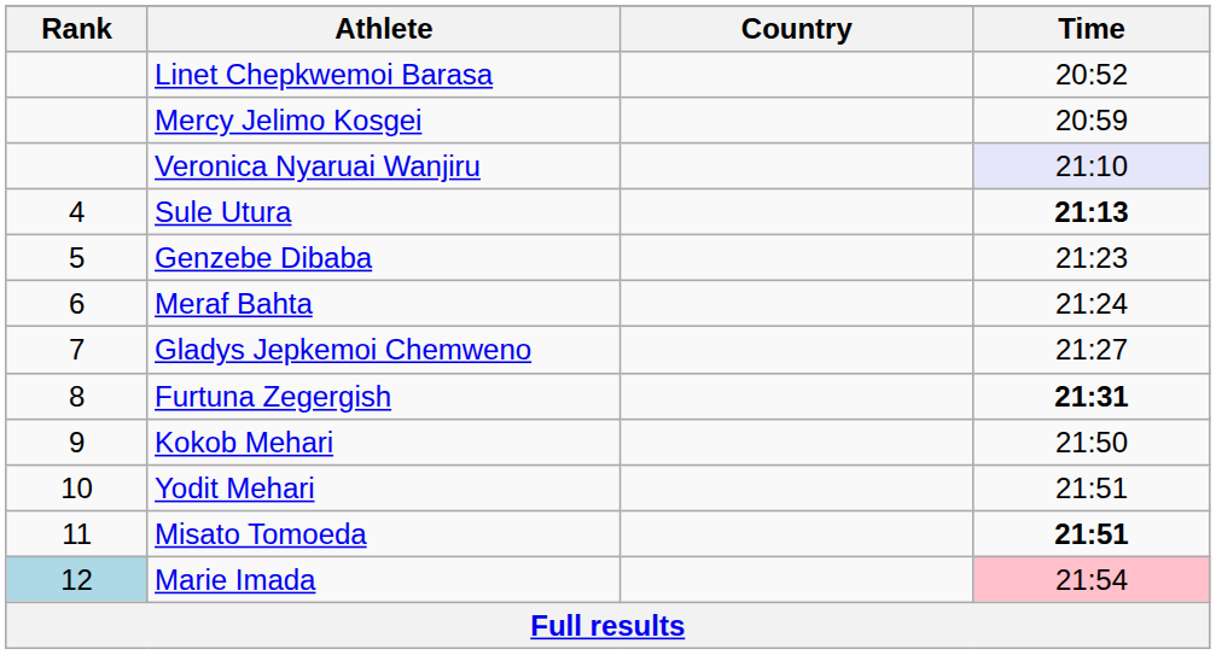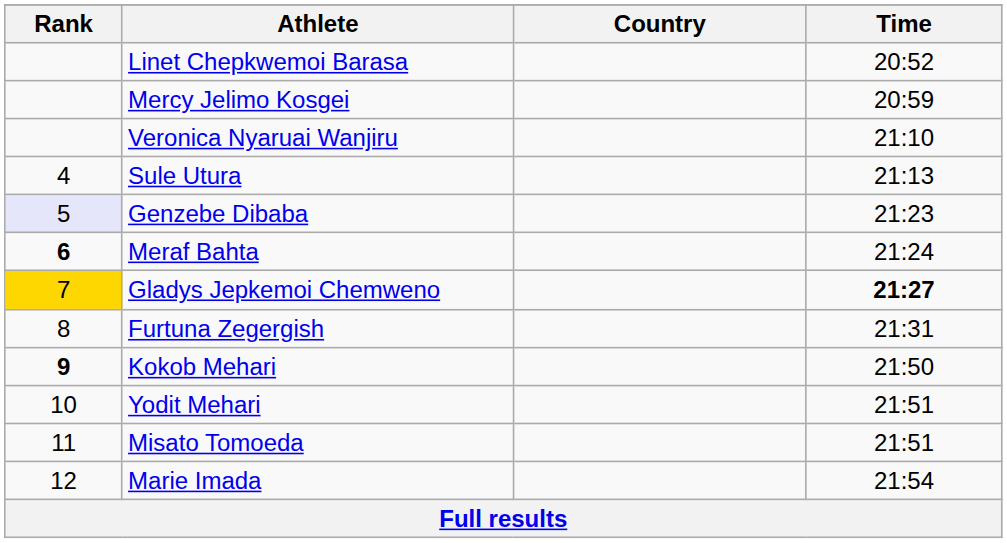 <table class="wikitable sortable" style=" text-align:center; font-size:95%;" width="50%">
 <tr>
 </tr>
 <tr>
 <th width=5%>Rank</th>
 <th width=20%>Athlete</th>
 <th width=15%>Country</th>
 <th width=10%>Time</th>
 </tr>
 <tr>
 <td align=center></td>
 <td align=left><a href='#'>Linet Chepkwemoi Barasa</a></td>
 <td align=left></td>
 <td>20:52</td>
 </tr>
 <tr>
 <td align=center></td>
 <td align=left><a href='#'>Mercy Jelimo Kosgei</a></td>
 <td align=left></td>
 <td>20:59</td>
 </tr>
 <tr>
 <td align=center></td>
 <td align=left><a href='#'>Veronica Nyaruai Wanjiru</a></td>
 <td align=left></td>
-<td style="background: lavender;">21:10</td>
+<td>21:10</td>
 </tr>
 <tr>
 <td align=center>4</td>
 <td align=left><a href='#'>Sule Utura</a></td>
 <td align=left></td>
-<td><strong>21:13</strong></td>
+<td>21:13</td>
 </tr>
 <tr>
-<td align=center>5</td>
+<td align=center style="background: lavender;">5</td>
 <td align=left><a href='#'>Genzebe Dibaba</a></td>
 <td align=left></td>
 <td>21:23</td>
 </tr>
 <tr>
-<td align=center>6</td>
+<td align=center><strong>6</strong></td>
 <td align=left><a href='#'>Meraf Bahta</a></td>
 <td align=left></td>
 <td>21:24</td>
 </tr>
 <tr>
-<td align=center>7</td>
+<td align=center style="background: gold;">7</td>
 <td align=left><a href='#'>Gladys Jepkemoi Chemweno</a></td>
 <td align=left></td>
-<td>21:27</td>
+<td><strong>21:27</strong></td>
 </tr>
 <tr>
 <td align=center>8</td>
 <td align=left><a href='#'>Furtuna Zegergish</a></td>
 <td align=left></td>
-<td><strong>21:31</strong></td>
+<td>21:31</td>
 </tr>
 <tr>
-<td align=center>9</td>
+<td align=center><strong>9</strong></td>
 <td align=left><a href='#'>Kokob Mehari</a></td>
 <td align=left></td>
 <td>21:50</td>
 </tr>
 <tr>
 <td align=center>10</td>
 <td align=left><a href='#'>Yodit Mehari</a></td>
 <td align=left></td>
 <td>21:51</td>
 </tr>
 <tr>
 <td align=center>11</td>
 <td align=left><a href='#'>Misato Tomoeda</a></td>
 <td align=left></td>
-<td><strong>21:51</strong></td>
+<td>21:51</td>
 </tr>
 <tr>
-<td align=center style="background: lightblue;">12</td>
+<td align=center>12</td>
 <td align=left><a href='#'>Marie Imada</a></td>
 <td align=left></td>
-<td style="background: pink;">21:54</td>
+<td>21:54</td>
 </tr>
 <tr class="sortbottom">
 <th colspan=4 align=center><a href='#'>Full results</a></th>
 </tr>
 </table>
